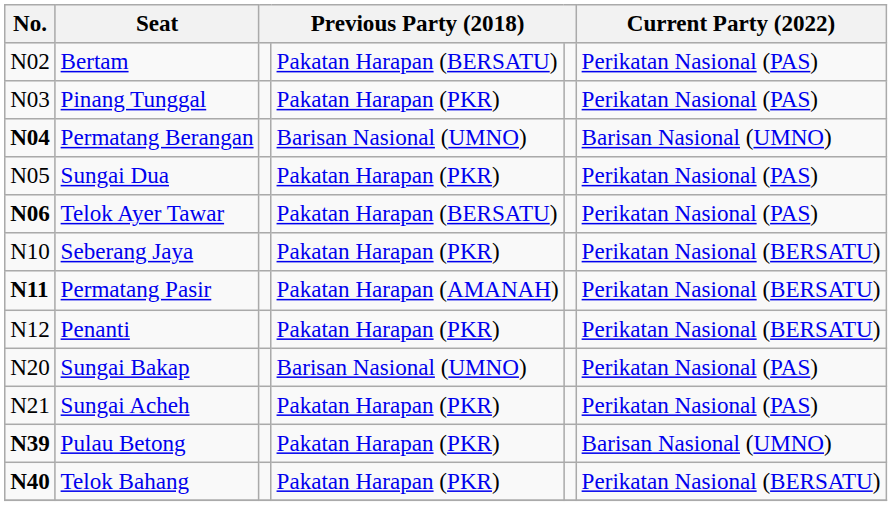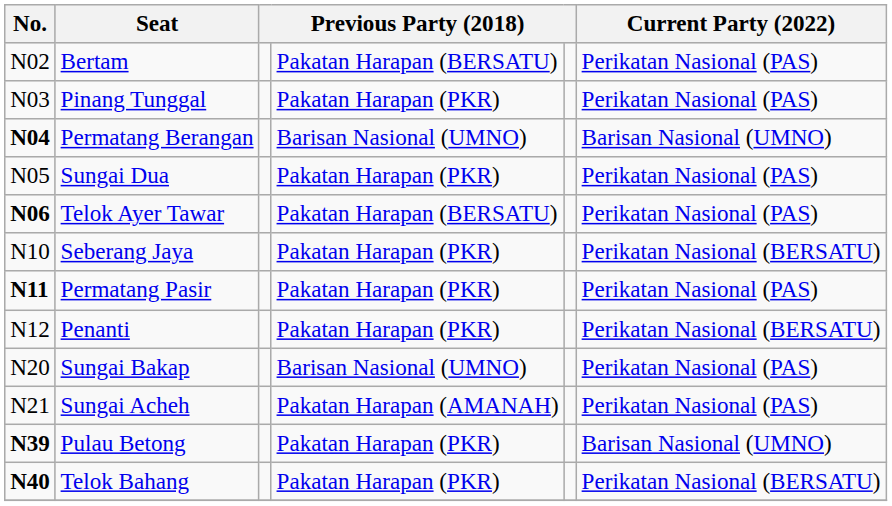 <table class="wikitable sortable" style="font-size:95%;">
 <tr>
 <th scope="col">No.</th>
 <th scope="col">Seat</th>
 <th colspan="3" scope="col">Previous Party (2018)</th>
 <th colspan="3" scope="col">Current Party (2022)</th>
 </tr>
 <tr>
 <td>N02</td>
 <td><a href='#'>Bertam</a></td>
 <td width="1"></td>
 <td><a href='#'>Pakatan Harapan</a> (<a href='#'>BERSATU</a>)</td>
 <td width="1"></td>
 <td><a href='#'>Perikatan Nasional</a> (<a href='#'>PAS</a>)</td>
 </tr>
 <tr>
 <td>N03</td>
 <td><a href='#'>Pinang Tunggal</a></td>
 <td width="1"></td>
 <td><a href='#'>Pakatan Harapan</a> (<a href='#'>PKR</a>)</td>
 <td width="1"></td>
 <td><a href='#'>Perikatan Nasional</a> (<a href='#'>PAS</a>)</td>
 </tr>
 <tr>
 <td><strong>N04</strong></td>
 <td><a href='#'>Permatang Berangan</a></td>
 <td width="1"></td>
 <td><a href='#'>Barisan Nasional</a> (<a href='#'>UMNO</a>)</td>
 <td width="1"></td>
 <td><a href='#'>Barisan Nasional</a> (<a href='#'>UMNO</a>)</td>
 </tr>
 <tr>
 <td>N05</td>
 <td><a href='#'>Sungai Dua</a></td>
 <td width="1"></td>
 <td><a href='#'>Pakatan Harapan</a> (<a href='#'>PKR</a>)</td>
 <td width="1"></td>
 <td><a href='#'>Perikatan Nasional</a> (<a href='#'>PAS</a>)</td>
 </tr>
 <tr>
 <td><strong>N06</strong></td>
 <td><a href='#'>Telok Ayer Tawar</a></td>
 <td width="1"></td>
 <td><a href='#'>Pakatan Harapan</a> (<a href='#'>BERSATU</a>)</td>
 <td width="1"></td>
 <td><a href='#'>Perikatan Nasional</a> (<a href='#'>PAS</a>)</td>
 </tr>
 <tr>
 <td>N10</td>
 <td><a href='#'>Seberang Jaya</a></td>
 <td width="1"></td>
 <td><a href='#'>Pakatan Harapan</a> (<a href='#'>PKR</a>)</td>
 <td width="1"></td>
 <td><a href='#'>Perikatan Nasional</a> (<a href='#'>BERSATU</a>)</td>
 </tr>
 <tr>
 <td><strong>N11</strong></td>
 <td><a href='#'>Permatang Pasir</a></td>
 <td width="1"></td>
-<td><a href='#'>Pakatan Harapan</a> (<a href='#'>AMANAH</a>)</td>
+<td><a href='#'>Pakatan Harapan</a> (<a href='#'>PKR</a>)</td>
 <td width="1"></td>
-<td><a href='#'>Perikatan Nasional</a> (<a href='#'>BERSATU</a>)</td>
+<td><a href='#'>Perikatan Nasional</a> (<a href='#'>PAS</a>)</td>
 </tr>
 <tr>
 <td>N12</td>
 <td><a href='#'>Penanti</a></td>
 <td width="1"></td>
 <td><a href='#'>Pakatan Harapan</a> (<a href='#'>PKR</a>)</td>
 <td width="1"></td>
 <td><a href='#'>Perikatan Nasional</a> (<a href='#'>BERSATU</a>)</td>
 </tr>
 <tr>
 <td>N20</td>
 <td><a href='#'>Sungai Bakap</a></td>
 <td width="1"></td>
 <td><a href='#'>Barisan Nasional</a> (<a href='#'>UMNO</a>)</td>
 <td width="1"></td>
 <td><a href='#'>Perikatan Nasional</a> (<a href='#'>PAS</a>)</td>
 </tr>
 <tr>
 <td>N21</td>
 <td><a href='#'>Sungai Acheh</a></td>
 <td width="1"></td>
-<td><a href='#'>Pakatan Harapan</a> (<a href='#'>PKR</a>)</td>
+<td><a href='#'>Pakatan Harapan</a> (<a href='#'>AMANAH</a>)</td>
 <td width="1"></td>
 <td><a href='#'>Perikatan Nasional</a> (<a href='#'>PAS</a>)</td>
 </tr>
 <tr>
 <td><strong>N39</strong></td>
 <td><a href='#'>Pulau Betong</a></td>
 <td width="1"></td>
 <td><a href='#'>Pakatan Harapan</a> (<a href='#'>PKR</a>)</td>
 <td width="1"></td>
 <td><a href='#'>Barisan Nasional</a> (<a href='#'>UMNO</a>)</td>
 </tr>
 <tr>
 <td><strong>N40</strong></td>
 <td><a href='#'>Telok Bahang</a></td>
 <td width="1"></td>
 <td><a href='#'>Pakatan Harapan</a> (<a href='#'>PKR</a>)</td>
 <td width="1"></td>
 <td><a href='#'>Perikatan Nasional</a> (<a href='#'>BERSATU</a>)</td>
 </tr>
 <tr>
 </tr>
 </table>
